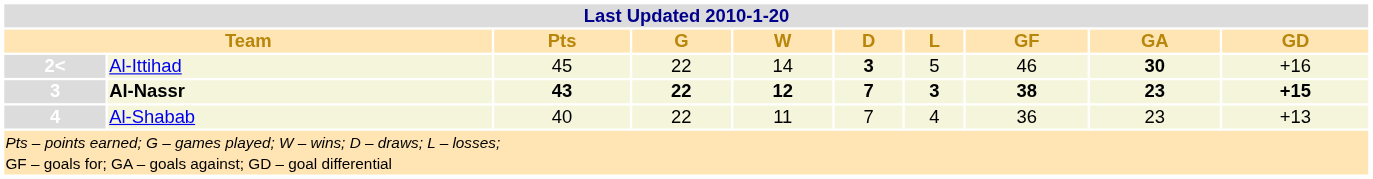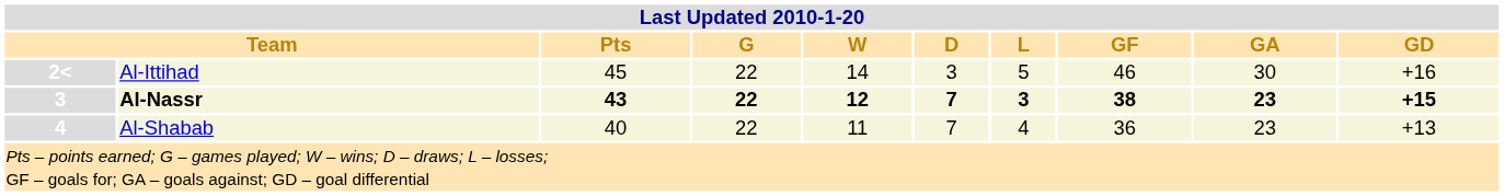 <table width=60%>
 <tr>
 <th colspan="10" bgcolor=#DCDCDC style="color:#00008B;">Last Updated 2010-1-20</th>
 </tr>
 <tr>
 <th colspan="2" bgcolor=#ffe5b4 style="color:#B8860B;">Team</th>
 <th bgcolor=#ffe5b4 align="center" style="color:#B8860B;">Pts</th>
 <th bgcolor=#ffe5b4 align="center" style="color:#B8860B;">G</th>
 <th bgcolor=#ffe5b4 align="center" style="color:#B8860B;">W</th>
 <th bgcolor=#ffe5b4 align="center" style="color:#B8860B;">D</th>
 <th bgcolor=#ffe5b4 align="center" style="color:#B8860B;">L</th>
 <th bgcolor=#ffe5b4 align="center" style="color:#B8860B;">GF</th>
 <th bgcolor=#ffe5b4 align="center" style="color:#B8860B;">GA</th>
 <th bgcolor=#ffe5b4 align="center" style="color:#B8860B;">GD</th>
 </tr>
 <tr>
 <th bgcolor=#DCDCDC align="center" style="color:white;">2<</th>
 <td bgcolor=#f5f5dc><a href='#'>Al-Ittihad</a></td>
 <td bgcolor=#f5f5dc align="center">45</td>
 <td bgcolor=#f5f5dc align="center">22</td>
 <td bgcolor=#f5f5dc align="center">14</td>
-<td bgcolor=#f5f5dc align="center"><strong>3</strong></td>
+<td bgcolor=#f5f5dc align="center">3</td>
 <td bgcolor=#f5f5dc align="center">5</td>
 <td bgcolor=#f5f5dc align="center">46</td>
-<td bgcolor=#f5f5dc align="center"><strong>30</strong></td>
+<td bgcolor=#f5f5dc align="center">30</td>
 <td bgcolor=#f5f5dc align="center">+16</td>
 </tr>
 <tr>
 <th bgcolor=#DCDCDC align="center" style="color:white;">3</th>
 <td bgcolor=#f5f5dc><strong>Al-Nassr</strong></td>
 <td bgcolor=#f5f5dc align="center"><strong>43</strong></td>
 <td bgcolor=#f5f5dc align="center"><strong>22</strong></td>
 <td bgcolor=#f5f5dc align="center"><strong>12</strong></td>
 <td bgcolor=#f5f5dc align="center"><strong>7</strong></td>
 <td bgcolor=#f5f5dc align="center"><strong>3</strong></td>
 <td bgcolor=#f5f5dc align="center"><strong>38</strong></td>
 <td bgcolor=#f5f5dc align="center"><strong>23</strong></td>
 <td bgcolor=#f5f5dc align="center"><strong>+15</strong></td>
 </tr>
 <tr>
 <th bgcolor=#DCDCDC align="center" style="color:white;">4</th>
 <td bgcolor=#f5f5dc><a href='#'>Al-Shabab</a></td>
 <td bgcolor=#f5f5dc align="center">40</td>
 <td bgcolor=#f5f5dc align="center">22</td>
 <td bgcolor=#f5f5dc align="center">11</td>
 <td bgcolor=#f5f5dc align="center">7</td>
 <td bgcolor=#f5f5dc align="center">4</td>
 <td bgcolor=#f5f5dc align="center">36</td>
 <td bgcolor=#f5f5dc align="center">23</td>
 <td bgcolor=#f5f5dc align="center">+13</td>
 </tr>
 <tr bgcolor=#ffe5b4>
 <td colspan="10"><small><em>Pts – points earned; G – games played; W – wins; D – draws; L – losses;<br> </em>GF – goals for; GA – goals against; GD – goal differential</small></td>
 </tr>
 </table>
